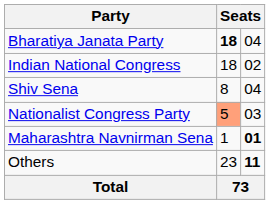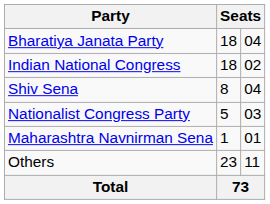 <table class="wikitable">
 <tr>
 <th>Party</th>
 <th colspan="2">Seats</th>
 </tr>
 <tr>
 <td><a href='#'>Bharatiya Janata Party</a></td>
-<td><strong>18</strong></td>
+<td>18</td>
 <td> 04</td>
 </tr>
 <tr>
 <td><a href='#'>Indian National Congress</a></td>
 <td>18</td>
 <td> 02</td>
 </tr>
 <tr>
 <td><a href='#'>Shiv Sena</a></td>
 <td>8</td>
 <td> 04</td>
 </tr>
 <tr>
 <td><a href='#'>Nationalist Congress Party</a></td>
-<td style="background: lightsalmon;">5</td>
+<td>5</td>
 <td> 03</td>
 </tr>
 <tr>
 <td><a href='#'>Maharashtra Navnirman Sena</a></td>
 <td>1</td>
-<td><strong> 01</strong></td>
+<td> 01</td>
 </tr>
 <tr>
 <td>Others</td>
 <td>23</td>
-<td><strong> 11</strong></td>
+<td> 11</td>
 </tr>
 <tr>
 <th><strong>Total</strong></th>
 <th colspan="2">73</th>
 </tr>
 </table>
